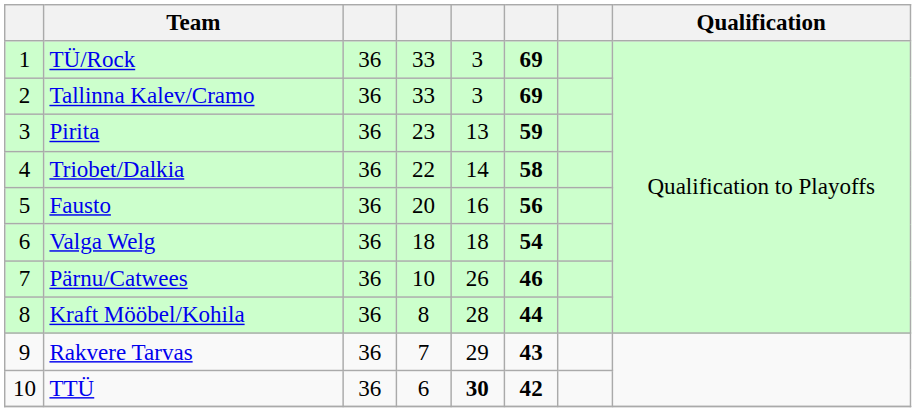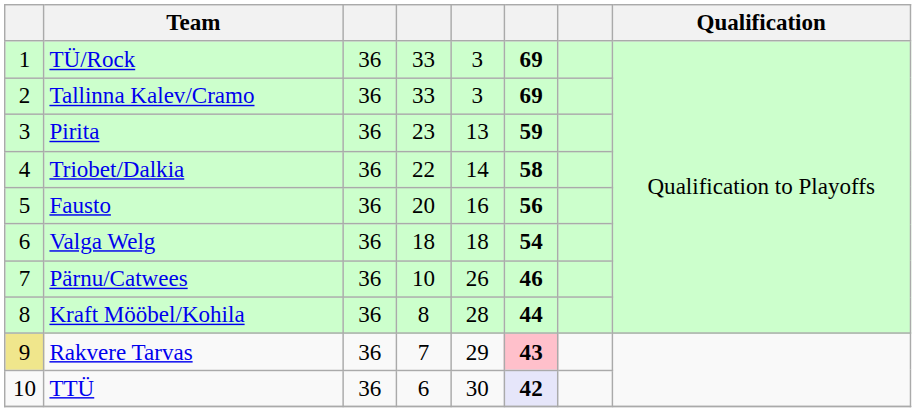 <table class="wikitable" style="text-align: center;">
 <tr>
 <th width=20></th>
 <th width=200>Team</th>
 <th width=30></th>
 <th width=30></th>
 <th width=30></th>
 <th width=30></th>
 <th width=30></th>
 <th width=200>Qualification</th>
 </tr>
 <tr bgcolor=#ccffcc>
 <td>1</td>
 <td align="left"><a href='#'>TÜ/Rock</a></td>
 <td>36</td>
 <td>33</td>
 <td>3</td>
 <td><strong>69</strong></td>
 <td></td>
 <td rowspan=8 align="center">Qualification to Playoffs</td>
 </tr>
 <tr bgcolor=#ccffcc>
 <td>2</td>
 <td align="left"><a href='#'>Tallinna Kalev/Cramo</a></td>
 <td>36</td>
 <td>33</td>
 <td>3</td>
 <td><strong>69</strong></td>
 <td></td>
 </tr>
 <tr bgcolor=#ccffcc>
 <td>3</td>
 <td align="left"><a href='#'>Pirita</a></td>
 <td>36</td>
 <td>23</td>
 <td>13</td>
 <td><strong>59</strong></td>
 <td></td>
 </tr>
 <tr bgcolor=#ccffcc>
 <td>4</td>
 <td align="left"><a href='#'>Triobet/Dalkia</a></td>
 <td>36</td>
 <td>22</td>
 <td>14</td>
 <td><strong>58</strong></td>
 <td></td>
 </tr>
 <tr bgcolor=#ccffcc>
 <td>5</td>
 <td align="left"><a href='#'>Fausto</a></td>
 <td>36</td>
 <td>20</td>
 <td>16</td>
 <td><strong>56</strong></td>
 <td></td>
 </tr>
 <tr bgcolor=#ccffcc>
 <td>6</td>
 <td align="left"><a href='#'>Valga Welg</a></td>
 <td>36</td>
 <td>18</td>
 <td>18</td>
 <td><strong>54</strong></td>
 <td></td>
 </tr>
 <tr bgcolor=#ccffcc>
 <td>7</td>
 <td align="left"><a href='#'>Pärnu/Catwees</a></td>
 <td>36</td>
 <td>10</td>
 <td>26</td>
 <td><strong>46</strong></td>
 <td></td>
 </tr>
 <tr bgcolor=#ccffcc>
 <td>8</td>
 <td align="left"><a href='#'>Kraft Mööbel/Kohila</a></td>
 <td>36</td>
 <td>8</td>
 <td>28</td>
 <td><strong>44</strong></td>
 <td></td>
 </tr>
 <tr>
-<td>9</td>
+<td style="background: khaki;">9</td>
 <td align="left"><a href='#'>Rakvere Tarvas</a></td>
 <td>36</td>
 <td>7</td>
 <td>29</td>
-<td><strong>43</strong></td>
+<td style="background: pink;"><strong>43</strong></td>
 <td></td>
 <td rowspan=2></td>
 </tr>
 <tr>
 <td>10</td>
 <td align="left"><a href='#'>TTÜ</a></td>
 <td>36</td>
 <td>6</td>
-<td><strong>30</strong></td>
-<td><strong>42</strong></td>
+<td>30</td>
+<td style="background: lavender;"><strong>42</strong></td>
 <td></td>
 </tr>
 <tr>
 </tr>
 </table>
